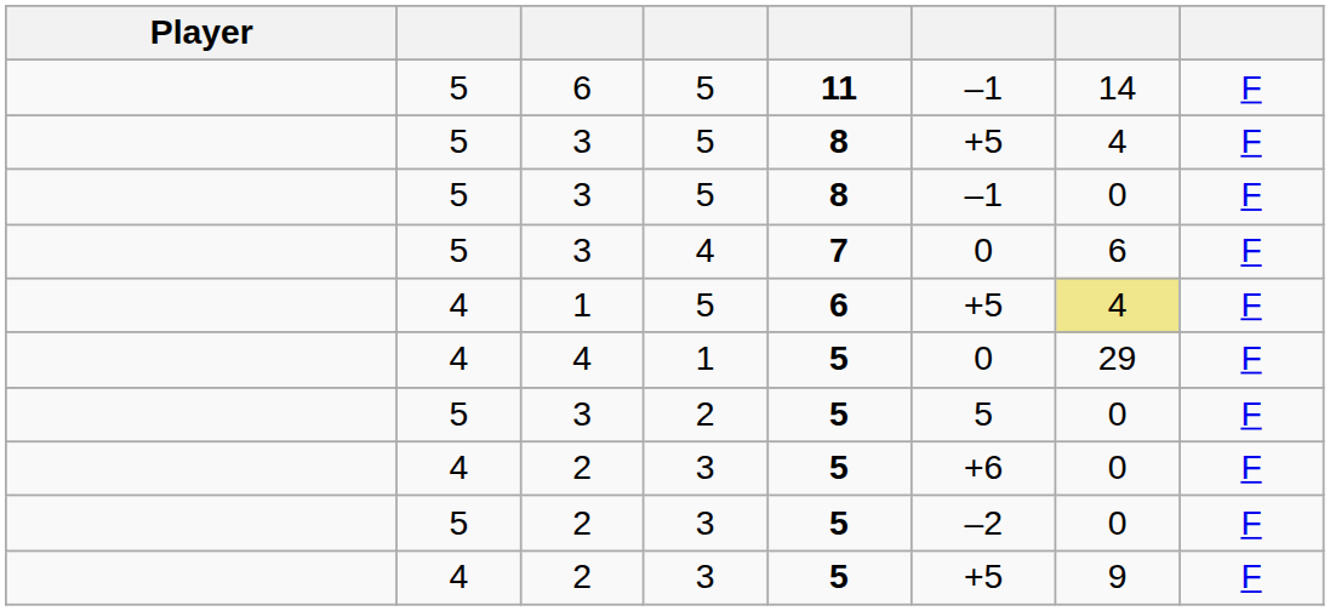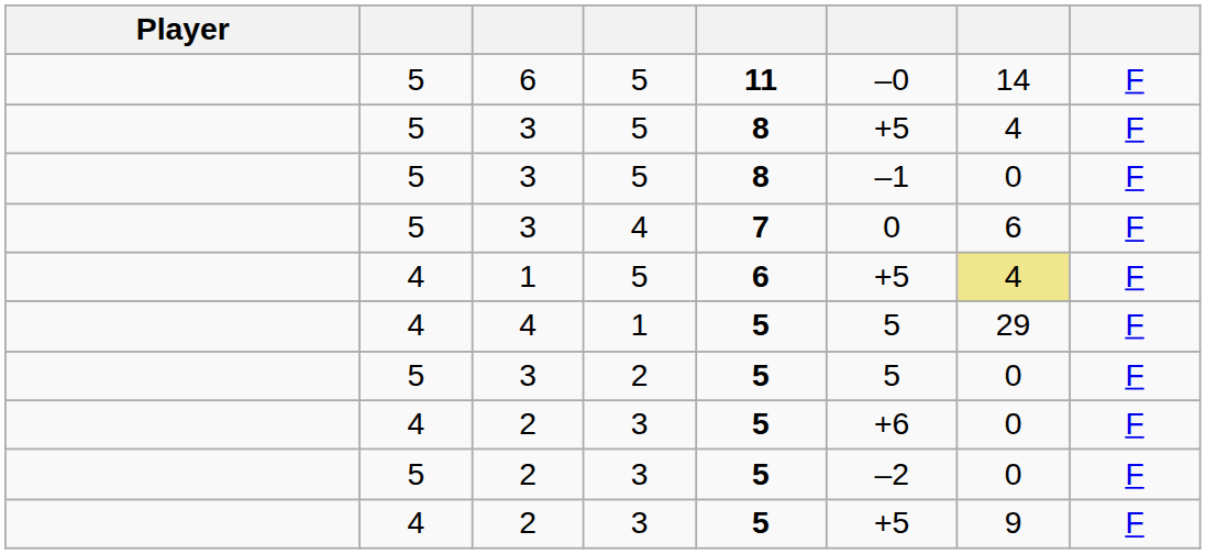 <table class="wikitable sortable" style="text-align:center;">
 <tr>
 <th width="175px">Player</th>
 <th width="50px"></th>
 <th width="50px"></th>
 <th width="50px"></th>
 <th width="60px"></th>
 <th width="60px"></th>
 <th width="50px"></th>
 <th width="60px"></th>
 </tr>
 <tr>
 <td align="left"> </td>
 <td>5</td>
 <td>6</td>
 <td>5</td>
 <td><strong>11</strong></td>
-<td>–1</td>
+<td>–0</td>
 <td>14</td>
 <td><a href='#'>F</a></td>
 </tr>
 <tr>
 <td align="left"> </td>
 <td>5</td>
 <td>3</td>
 <td>5</td>
 <td><strong>8</strong></td>
 <td>+5</td>
 <td>4</td>
 <td><a href='#'>F</a></td>
 </tr>
 <tr>
 <td align="left"> </td>
 <td>5</td>
 <td>3</td>
 <td>5</td>
 <td><strong>8</strong></td>
 <td>–1</td>
 <td>0</td>
 <td><a href='#'>F</a></td>
 </tr>
 <tr>
 <td align="left"> </td>
 <td>5</td>
 <td>3</td>
 <td>4</td>
 <td><strong>7</strong></td>
 <td>0</td>
 <td>6</td>
 <td><a href='#'>F</a></td>
 </tr>
 <tr>
 <td align="left"> </td>
 <td>4</td>
 <td>1</td>
 <td>5</td>
 <td><strong>6</strong></td>
 <td>+5</td>
 <td style="background: khaki;">4</td>
 <td><a href='#'>F</a></td>
 </tr>
 <tr>
 <td align="left"> </td>
 <td>4</td>
 <td>4</td>
 <td>1</td>
 <td><strong>5</strong></td>
-<td>0</td>
+<td>5</td>
 <td>29</td>
 <td><a href='#'>F</a></td>
 </tr>
 <tr>
 <td align="left"> </td>
 <td>5</td>
 <td>3</td>
 <td>2</td>
 <td><strong>5</strong></td>
 <td>5</td>
 <td>0</td>
 <td><a href='#'>F</a></td>
 </tr>
 <tr>
 <td align="left"> </td>
 <td>4</td>
 <td>2</td>
 <td>3</td>
 <td><strong>5</strong></td>
 <td>+6</td>
 <td>0</td>
 <td><a href='#'>F</a></td>
 </tr>
 <tr>
 <td align="left"> </td>
 <td>5</td>
 <td>2</td>
 <td>3</td>
 <td><strong>5</strong></td>
 <td>–2</td>
 <td>0</td>
 <td><a href='#'>F</a></td>
 </tr>
 <tr>
 <td align="left"> </td>
 <td>4</td>
 <td>2</td>
 <td>3</td>
 <td><strong>5</strong></td>
 <td>+5</td>
 <td>9</td>
 <td><a href='#'>F</a></td>
 </tr>
 </table>
